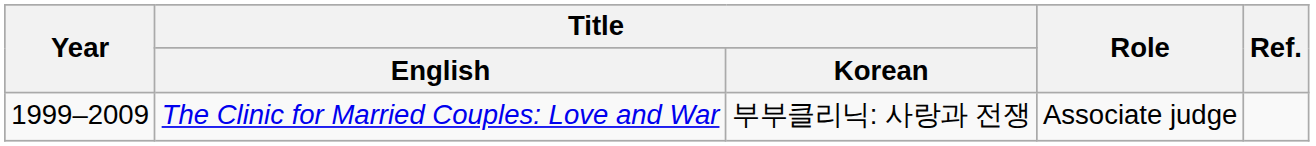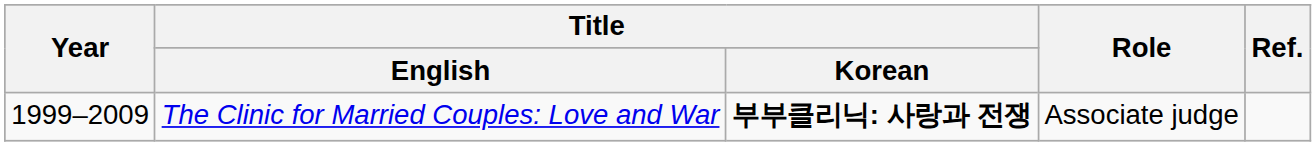 <table class="wikitable" style="clear:none; font-size:100%;">
 <tr>
 <th rowspan="2" scope="col">Year</th>
 <th colspan="2" scope="col">Title</th>
 <th rowspan="2" scope="col">Role</th>
 <th rowspan="2" scope="col">Ref.</th>
 </tr>
 <tr>
 <th>English</th>
 <th>Korean</th>
 </tr>
 <tr>
 <td>1999–2009</td>
 <td><em><a href='#'>The Clinic for Married Couples: Love and War</a></em></td>
-<td>부부클리닉: 사랑과 전쟁</td>
+<td><strong>부부클리닉: 사랑과 전쟁</strong></td>
 <td>Associate judge</td>
 <td></td>
 </tr>
 </table>
